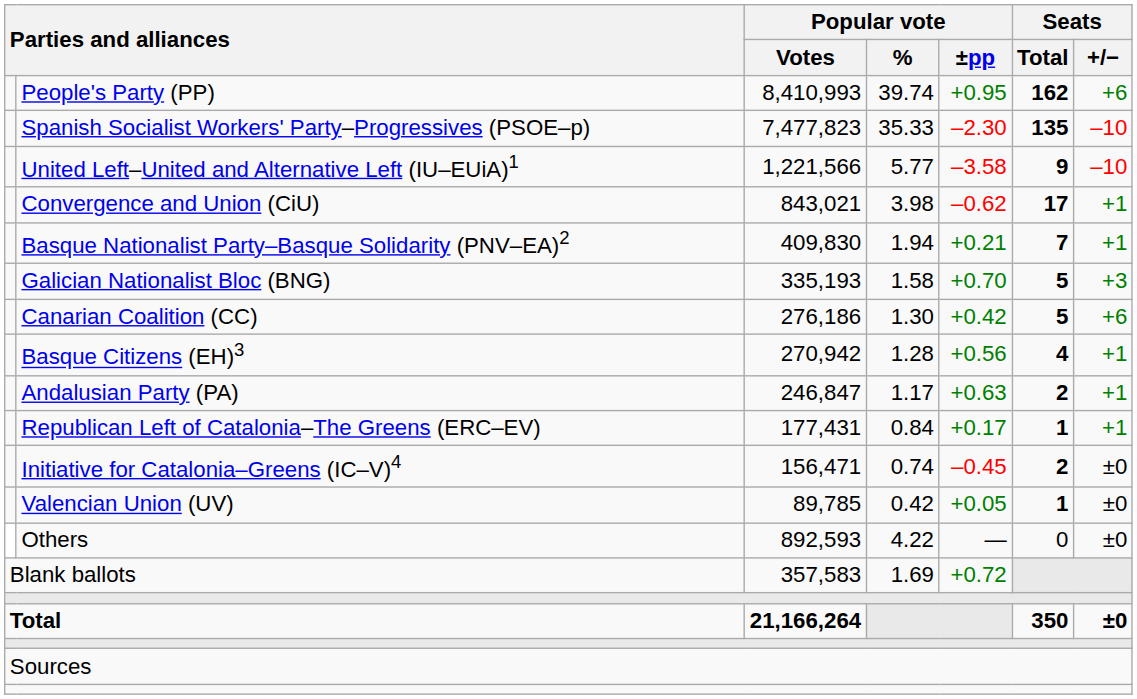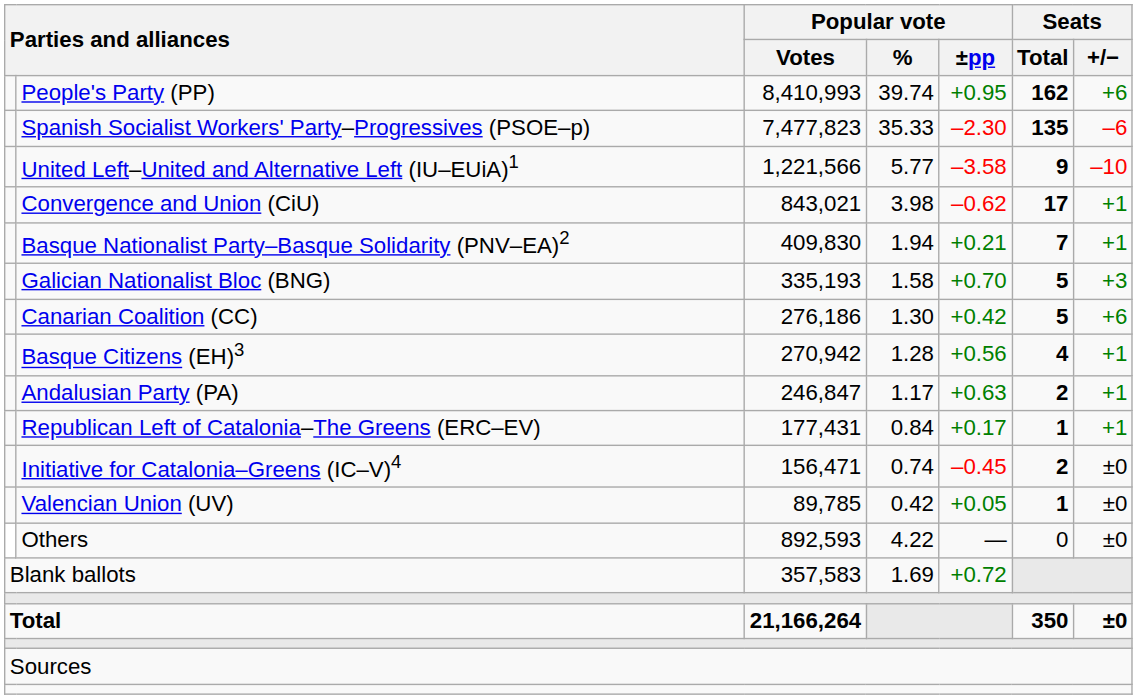 <table class="wikitable" style="text-align:right">
 <tr>
 <th style="text-align:left;" rowspan="2" colspan="2" width="525">Parties and alliances</th>
 <th colspan="3">Popular vote</th>
 <th colspan="2">Seats</th>
 </tr>
 <tr>
 <th width="75">Votes</th>
 <th width="45">%</th>
 <th width="45">±<a href='#'>pp</a></th>
 <th width="35">Total</th>
 <th width="35">+/−</th>
 </tr>
 <tr>
 <td width="1" style="color:inherit;background:"></td>
 <td align="left"><a href='#'>People's Party</a> (PP)</td>
 <td>8,410,993</td>
 <td>39.74</td>
 <td style="color:green;">+0.95</td>
 <td><strong>162</strong></td>
 <td style="color:green;">+6</td>
 </tr>
 <tr>
 <td style="color:inherit;background:"></td>
 <td align="left"><a href='#'>Spanish Socialist Workers' Party</a>–<a href='#'>Progressives</a> (PSOE–p)</td>
 <td>7,477,823</td>
 <td>35.33</td>
 <td style="color:red;">–2.30</td>
 <td><strong>135</strong></td>
-<td style="color:red;">–10</td>
+<td style="color:red;">–6</td>
 </tr>
 <tr>
 <td style="color:inherit;background:"></td>
 <td align="left"><a href='#'>United Left</a>–<a href='#'>United and Alternative Left</a> (IU–EUiA)<sup>1</sup></td>
 <td>1,221,566</td>
 <td>5.77</td>
 <td style="color:red;">–3.58</td>
 <td><strong>9</strong></td>
 <td style="color:red;">–10</td>
 </tr>
 <tr>
 <td style="color:inherit;background:"></td>
 <td align="left"><a href='#'>Convergence and Union</a> (CiU)</td>
 <td>843,021</td>
 <td>3.98</td>
 <td style="color:red;">–0.62</td>
 <td><strong>17</strong></td>
 <td style="color:green;">+1</td>
 </tr>
 <tr>
 <td style="color:inherit;background:"></td>
 <td align="left"><a href='#'>Basque Nationalist Party–Basque Solidarity</a> (PNV–EA)<sup>2</sup></td>
 <td>409,830</td>
 <td>1.94</td>
 <td style="color:green;">+0.21</td>
 <td><strong>7</strong></td>
 <td style="color:green;">+1</td>
 </tr>
 <tr>
 <td style="color:inherit;background:"></td>
 <td align="left"><a href='#'>Galician Nationalist Bloc</a> (BNG)</td>
 <td>335,193</td>
 <td>1.58</td>
 <td style="color:green;">+0.70</td>
 <td><strong>5</strong></td>
 <td style="color:green;">+3</td>
 </tr>
 <tr>
 <td style="color:inherit;background:"></td>
 <td align="left"><a href='#'>Canarian Coalition</a> (CC)</td>
 <td>276,186</td>
 <td>1.30</td>
 <td style="color:green;">+0.42</td>
 <td><strong>5</strong></td>
 <td style="color:green;">+6</td>
 </tr>
 <tr>
 <td style="color:inherit;background:"></td>
 <td align="left"><a href='#'>Basque Citizens</a> (EH)<sup>3</sup></td>
 <td>270,942</td>
 <td>1.28</td>
 <td style="color:green;">+0.56</td>
 <td><strong>4</strong></td>
 <td style="color:green;">+1</td>
 </tr>
 <tr>
 <td style="color:inherit;background:"></td>
 <td align="left"><a href='#'>Andalusian Party</a> (PA)</td>
 <td>246,847</td>
 <td>1.17</td>
 <td style="color:green;">+0.63</td>
 <td><strong>2</strong></td>
 <td style="color:green;">+1</td>
 </tr>
 <tr>
 <td style="color:inherit;background:"></td>
 <td align="left"><a href='#'>Republican Left of Catalonia</a>–<a href='#'>The Greens</a> (ERC–EV)</td>
 <td>177,431</td>
 <td>0.84</td>
 <td style="color:green;">+0.17</td>
 <td><strong>1</strong></td>
 <td style="color:green;">+1</td>
 </tr>
 <tr>
 <td style="color:inherit;background:"></td>
 <td align="left"><a href='#'>Initiative for Catalonia–Greens</a> (IC–V)<sup>4</sup></td>
 <td>156,471</td>
 <td>0.74</td>
 <td style="color:red;">–0.45</td>
 <td><strong>2</strong></td>
 <td>±0</td>
 </tr>
 <tr>
 <td style="color:inherit;background:"></td>
 <td align="left"><a href='#'>Valencian Union</a> (UV)</td>
 <td>89,785</td>
 <td>0.42</td>
 <td style="color:green;">+0.05</td>
 <td><strong>1</strong></td>
 <td>±0</td>
 </tr>
 <tr>
 <td bgcolor="white"></td>
 <td align="left">Others</td>
 <td>892,593</td>
 <td>4.22</td>
 <td>—</td>
 <td>0</td>
 <td>±0</td>
 </tr>
 <tr>
 <td align="left" colspan="2">Blank ballots</td>
 <td>357,583</td>
 <td>1.69</td>
 <td style="color:green;">+0.72</td>
 <td bgcolor="#E9E9E9" colspan="2"></td>
 </tr>
 <tr>
 <td colspan="7" bgcolor="#E9E9E9"></td>
 </tr>
 <tr style="font-weight:bold;">
 <td align="left" colspan="2">Total</td>
 <td>21,166,264</td>
 <td bgcolor="#E9E9E9" colspan="2"></td>
 <td>350</td>
 <td>±0</td>
 </tr>
 <tr>
 <td colspan="7" bgcolor="#E9E9E9"></td>
 </tr>
 <tr>
 <td align="left" colspan="7">Sources</td>
 </tr>
 <tr>
 <td colspan="7" style="text-align:left; max-width:790px;"></td>
 </tr>
 </table>
